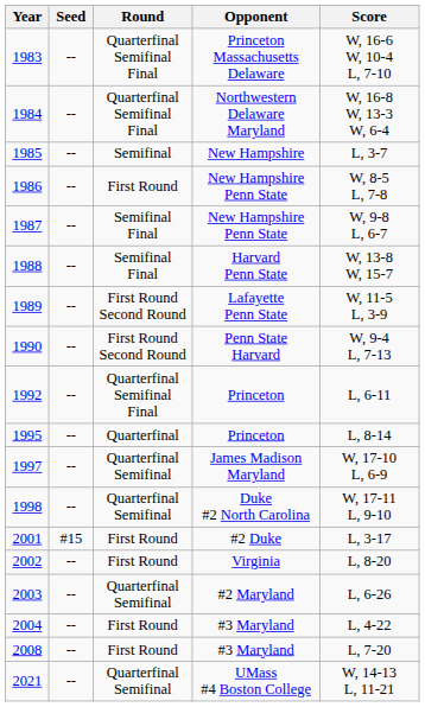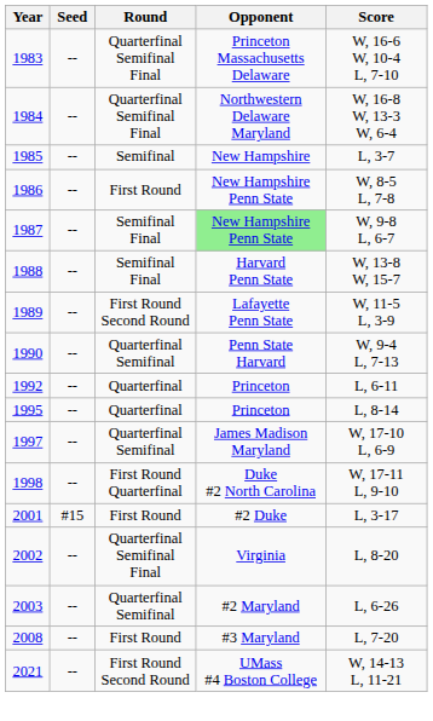 <table class="wikitable">
 <tr>
 <th style="width:40px; ">Year</th>
 <th style="width:40px; ">Seed</th>
 <th style="width:100px; ">Round</th>
 <th style="width:130px; ">Opponent</th>
 <th style="width:100px; ">Score</th>
 </tr>
 <tr align="center">
 <td><a href='#'>1983</a></td>
 <td>--</td>
 <td>Quarterfinal<br>Semifinal<br>Final</td>
 <td><a href='#'>Princeton</a><br><a href='#'>Massachusetts</a><br><a href='#'>Delaware</a></td>
 <td>W, 16-6<br>W, 10-4<br>L, 7-10</td>
 </tr>
 <tr align="center">
 <td><a href='#'>1984</a></td>
 <td>--</td>
 <td>Quarterfinal<br>Semifinal<br>Final</td>
 <td><a href='#'>Northwestern</a><br><a href='#'>Delaware</a><br><a href='#'>Maryland</a></td>
 <td>W, 16-8<br>W, 13-3<br>W, 6-4</td>
 </tr>
 <tr align="center">
 <td><a href='#'>1985</a></td>
 <td>--</td>
 <td>Semifinal</td>
 <td><a href='#'>New Hampshire</a></td>
 <td>L, 3-7</td>
 </tr>
 <tr align="center">
 <td><a href='#'>1986</a></td>
 <td>--</td>
 <td>First Round</td>
 <td><a href='#'>New Hampshire</a><br><a href='#'>Penn State</a></td>
 <td>W, 8-5<br>L, 7-8</td>
 </tr>
 <tr align="center">
 <td><a href='#'>1987</a></td>
 <td>--</td>
 <td>Semifinal<br>Final</td>
-<td><a href='#'>New Hampshire</a><br><a href='#'>Penn State</a></td>
+<td style="background: lightgreen;"><a href='#'>New Hampshire</a><br><a href='#'>Penn State</a></td>
 <td>W, 9-8<br>L, 6-7</td>
 </tr>
 <tr align="center">
 <td><a href='#'>1988</a></td>
 <td>--</td>
 <td>Semifinal<br>Final</td>
 <td><a href='#'>Harvard</a><br><a href='#'>Penn State</a></td>
 <td>W, 13-8<br>W, 15-7</td>
 </tr>
 <tr align="center">
 <td><a href='#'>1989</a></td>
 <td>--</td>
 <td>First Round<br>Second Round</td>
 <td><a href='#'>Lafayette</a><br><a href='#'>Penn State</a></td>
 <td>W, 11-5<br>L, 3-9</td>
 </tr>
 <tr align="center">
 <td><a href='#'>1990</a></td>
 <td>--</td>
-<td>First Round<br>Second Round</td>
+<td>Quarterfinal<br>Semifinal</td>
 <td><a href='#'>Penn State</a><br><a href='#'>Harvard</a></td>
 <td>W, 9-4<br>L, 7-13</td>
 </tr>
 <tr align="center">
 <td><a href='#'>1992</a></td>
 <td>--</td>
-<td>Quarterfinal<br>Semifinal<br>Final</td>
+<td>Quarterfinal</td>
 <td><a href='#'>Princeton</a></td>
 <td>L, 6-11</td>
 </tr>
 <tr align="center">
 <td><a href='#'>1995</a></td>
 <td>--</td>
 <td>Quarterfinal</td>
 <td><a href='#'>Princeton</a></td>
 <td>L, 8-14</td>
 </tr>
 <tr align="center">
 <td><a href='#'>1997</a></td>
 <td>--</td>
 <td>Quarterfinal<br>Semifinal</td>
 <td><a href='#'>James Madison</a><br><a href='#'>Maryland</a></td>
 <td>W, 17-10<br>L, 6-9</td>
 </tr>
 <tr align="center">
 <td><a href='#'>1998</a></td>
 <td>--</td>
-<td>Quarterfinal<br>Semifinal</td>
+<td>First Round<br>Quarterfinal</td>
 <td><a href='#'>Duke</a><br>#2 <a href='#'>North Carolina</a></td>
 <td>W, 17-11<br>L, 9-10</td>
 </tr>
 <tr align="center">
 <td><a href='#'>2001</a></td>
 <td>#15</td>
 <td>First Round</td>
 <td>#2 <a href='#'>Duke</a></td>
 <td>L, 3-17</td>
 </tr>
 <tr align="center">
 <td><a href='#'>2002</a></td>
 <td>--</td>
-<td>First Round</td>
+<td>Quarterfinal<br>Semifinal<br>Final</td>
 <td><a href='#'>Virginia</a></td>
 <td>L, 8-20</td>
 </tr>
 <tr align="center">
 <td><a href='#'>2003</a></td>
 <td>--</td>
 <td>Quarterfinal<br>Semifinal</td>
 <td>#2 <a href='#'>Maryland</a></td>
 <td>L, 6-26</td>
 </tr>
 <tr align="center">
-<td><a href='#'>2004</a></td>
-<td>--</td>
-<td>First Round</td>
-<td>#3 <a href='#'>Maryland</a></td>
-<td>L, 4-22</td>
-</tr>
-<tr align="center">
 <td><a href='#'>2008</a></td>
 <td>--</td>
 <td>First Round</td>
 <td>#3 <a href='#'>Maryland</a></td>
 <td>L, 7-20</td>
 </tr>
 <tr align="center">
 <td><a href='#'>2021</a></td>
 <td>--</td>
-<td>Quarterfinal<br>Semifinal</td>
+<td>First Round<br>Second Round</td>
 <td><a href='#'>UMass</a><br>#4 <a href='#'>Boston College</a></td>
 <td>W, 14-13<br>L, 11-21</td>
 </tr>
 </table>
